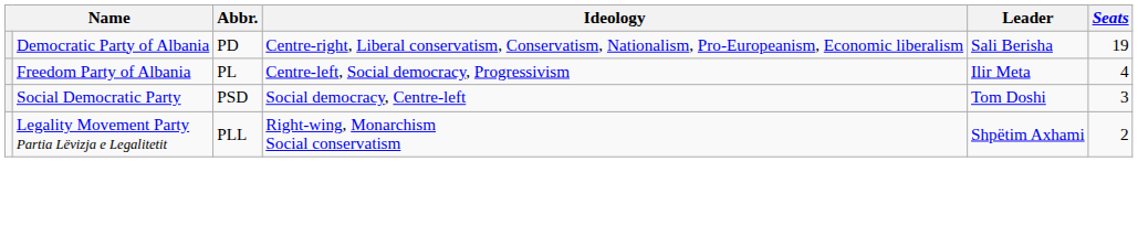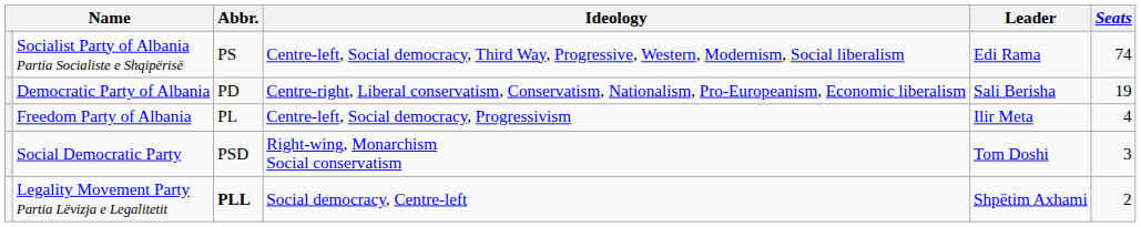 <table class="wikitable sortable">
 <tr>
 <th colspan=2>Name</th>
 <th>Abbr.</th>
 <th>Ideology</th>
 <th>Leader</th>
 <th><em><a href='#'>Seats</a></em></th>
+</tr>
+<tr>
+<th style="background-color: "></th>
+<td><a href='#'>Socialist Party of Albania</a><br><small><em>Partia Socialiste e Shqipërisë</em></small></td>
+<td>PS</td>
+<td><a href='#'>Centre-left</a>, <a href='#'>Social democracy</a>, <a href='#'>Third Way</a>, <a href='#'>Progressive</a>, <a href='#'>Western</a>, <a href='#'>Modernism</a>, <a href='#'>Social liberalism</a></td>
+<td><a href='#'>Edi Rama</a></td>
+<td align="right">74</td>
 </tr>
 <tr>
 <th style="background-color: "></th>
 <td><a href='#'>Democratic Party of Albania</a></td>
 <td>PD</td>
 <td><a href='#'>Centre-right</a>, <a href='#'>Liberal conservatism</a>, <a href='#'>Conservatism</a>, <a href='#'>Nationalism</a>, <a href='#'>Pro-Europeanism</a>, <a href='#'>Economic liberalism</a></td>
 <td><a href='#'>Sali Berisha</a></td>
 <td align="right">19</td>
 </tr>
 <tr>
 <th style="background-color: "></th>
 <td><a href='#'>Freedom Party of Albania</a></td>
 <td>PL</td>
 <td><a href='#'>Centre-left</a>, <a href='#'>Social democracy</a>, <a href='#'>Progressivism</a></td>
 <td><a href='#'>Ilir Meta</a></td>
 <td align="right">4</td>
 </tr>
 <tr>
 <th style="background-color: "></th>
 <td><a href='#'>Social Democratic Party</a></td>
 <td>PSD</td>
-<td><a href='#'>Social democracy</a>, <a href='#'>Centre-left</a></td>
+<td><a href='#'>Right-wing</a>, <a href='#'>Monarchism</a><br><a href='#'>Social conservatism</a></td>
 <td><a href='#'>Tom Doshi</a></td>
 <td align="right">3</td>
 </tr>
 <tr>
 <td style="background-color:"></td>
 <td><a href='#'>Legality Movement Party</a><br><small><em>Partia Lëvizja e Legalitetit</em></small></td>
-<td>PLL</td>
-<td><a href='#'>Right-wing</a>, <a href='#'>Monarchism</a><br><a href='#'>Social conservatism</a></td>
+<td><strong>PLL</strong></td>
+<td><a href='#'>Social democracy</a>, <a href='#'>Centre-left</a></td>
 <td><a href='#'>Shpëtim Axhami</a></td>
 <td align="right">2</td>
 </tr>
 </table>
